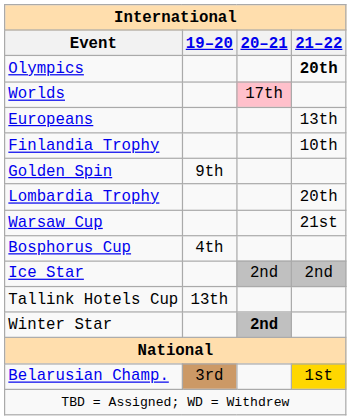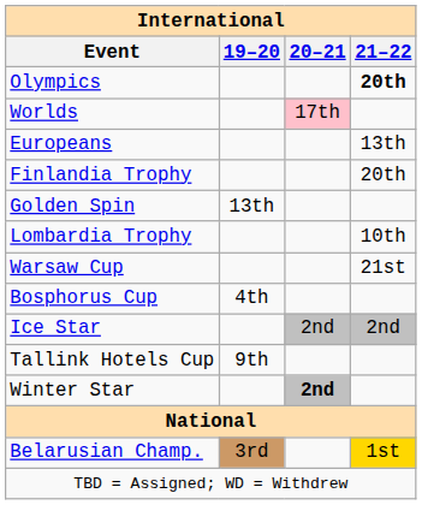 <table class="wikitable" style="text-align:center">
 <tr>
 <th colspan="5" style="background-color: #ffdead; " align="center">International</th>
 </tr>
 <tr>
 <th>Event</th>
 <th><a href='#'>19–20</a></th>
 <th><a href='#'>20–21</a></th>
 <th><a href='#'>21–22</a></th>
 </tr>
 <tr>
 <td align=left><a href='#'>Olympics</a></td>
 <td></td>
 <td></td>
 <td><strong>20th</strong></td>
 </tr>
 <tr>
 <td align=left><a href='#'>Worlds</a></td>
 <td></td>
 <td style="background: pink;">17th</td>
 <td></td>
 </tr>
 <tr>
 <td align=left><a href='#'>Europeans</a></td>
 <td></td>
 <td></td>
 <td>13th</td>
 </tr>
 <tr>
 <td align=left> <a href='#'>Finlandia Trophy</a></td>
 <td></td>
 <td></td>
-<td>10th</td>
+<td>20th</td>
 </tr>
 <tr>
 <td align=left> <a href='#'>Golden Spin</a></td>
-<td>9th</td>
+<td>13th</td>
 <td></td>
 <td></td>
 </tr>
 <tr>
 <td align=left> <a href='#'>Lombardia Trophy</a></td>
 <td></td>
 <td></td>
-<td>20th</td>
+<td>10th</td>
 </tr>
 <tr>
 <td align=left> <a href='#'>Warsaw Cup</a></td>
 <td></td>
 <td></td>
 <td>21st</td>
 </tr>
 <tr>
 <td align="left"><a href='#'>Bosphorus Cup</a></td>
 <td>4th</td>
 <td></td>
 <td></td>
 </tr>
 <tr>
 <td align="left"><a href='#'>Ice Star</a></td>
 <td></td>
 <td bgcolor="silver">2nd</td>
 <td bgcolor="silver">2nd</td>
 </tr>
 <tr>
 <td align="left">Tallink Hotels Cup</td>
-<td>13th</td>
+<td>9th</td>
 <td></td>
 <td></td>
 </tr>
 <tr>
 <td align="left">Winter Star</td>
 <td></td>
 <td bgcolor="silver"><strong>2nd</strong></td>
 <td></td>
 </tr>
 <tr>
 <th colspan="5" style="background-color: #ffdead; " align="center">National</th>
 </tr>
 <tr>
 <td align="left"><a href='#'>Belarusian Champ.</a></td>
 <td bgcolor="cc9966">3rd</td>
 <td></td>
 <td bgcolor="gold">1st</td>
 </tr>
 <tr>
 <td colspan="5" align="center"><small> TBD = Assigned; WD = Withdrew </small></td>
 </tr>
 </table>
